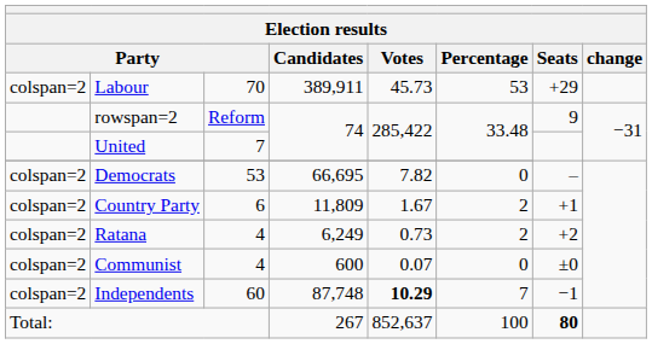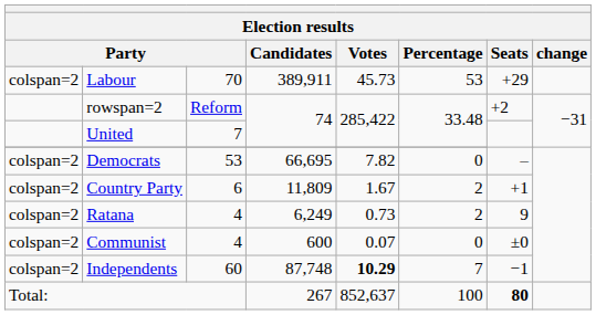 <table class=wikitable>
 <tr>
 <th colspan=8></th>
 </tr>
 <tr>
 <th colspan=8>Election results</th>
 </tr>
 <tr>
 <th colspan=3>Party</th>
 <th>Candidates</th>
 <th>Votes</th>
 <th>Percentage</th>
 <th>Seats</th>
 <th>change</th>
 </tr>
 <tr align=right>
 <td>colspan=2 </td>
 <td align=left><a href='#'>Labour</a></td>
 <td>70</td>
 <td>389,911</td>
 <td>45.73</td>
 <td>53</td>
 <td>+29</td>
 </tr>
 <tr>
 <td></td>
 <td>rowspan=2 </td>
 <td align=left><a href='#'>Reform</a></td>
 <td align=right rowspan=2>74</td>
 <td align=right rowspan=2>285,422</td>
 <td align=right rowspan=2>33.48</td>
-<td align=right>9</td>
+<td>+2</td>
 <td align=right rowspan=2>−31</td>
 </tr>
 <tr>
 <td></td>
 <td align=left><a href='#'>United</a></td>
 <td align=right>7</td>
 </tr>
 <tr>
 </tr>
 <tr align=right>
 <td>colspan=2 </td>
 <td align=left><a href='#'>Democrats</a></td>
 <td>53</td>
 <td>66,695</td>
 <td>7.82</td>
 <td>0</td>
 <td>–</td>
 </tr>
 <tr align=right>
 <td>colspan=2 </td>
 <td align=left><a href='#'>Country Party</a></td>
 <td>6</td>
 <td>11,809</td>
 <td>1.67</td>
 <td>2</td>
 <td>+1</td>
 </tr>
 <tr align=right>
 <td>colspan=2 </td>
 <td align=left><a href='#'>Ratana</a></td>
 <td>4</td>
 <td>6,249</td>
 <td>0.73</td>
 <td>2</td>
-<td>+2</td>
+<td align=right>9</td>
 </tr>
 <tr align=right>
 <td>colspan=2 </td>
 <td align=left><a href='#'>Communist</a></td>
 <td>4</td>
 <td>600</td>
 <td>0.07</td>
 <td>0</td>
 <td>±0</td>
 </tr>
 <tr align=right>
 <td>colspan=2 </td>
 <td align=left><a href='#'>Independents</a></td>
 <td>60</td>
 <td>87,748</td>
 <td><strong>10.29</strong></td>
 <td>7</td>
 <td>−1</td>
 </tr>
 <tr bgcolor=>
 <td colspan=3 align=left>Total:</td>
 <td align=right>267</td>
 <td align=right>852,637</td>
 <td align=right>100</td>
 <td align=right><strong>80</strong></td>
 <td></td>
 </tr>
 </table>
